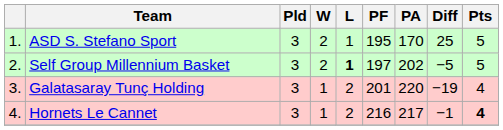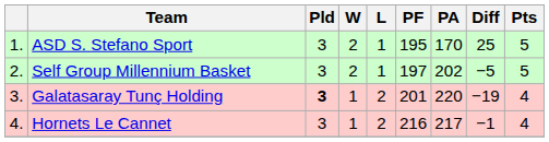 <table class=wikitable style="text-align:center">
 <tr>
 <th width=15></th>
 <th width=260>Team</th>
 <th width=20>Pld</th>
 <th width=20>W</th>
 <th width=20>L</th>
 <th width=20>PF</th>
 <th width=20>PA</th>
 <th width=30>Diff</th>
 <th width=30>Pts</th>
 </tr>
 <tr bgcolor=ccffcc>
 <td>1.</td>
 <td align=left> <a href='#'>ASD S. Stefano Sport</a></td>
 <td>3</td>
 <td>2</td>
 <td>1</td>
 <td>195</td>
 <td>170</td>
 <td>25</td>
 <td>5</td>
 </tr>
 <tr bgcolor=ccffcc>
 <td>2.</td>
 <td align=left> <a href='#'>Self Group Millennium Basket</a></td>
 <td>3</td>
 <td>2</td>
-<td><strong>1</strong></td>
+<td>1</td>
 <td>197</td>
 <td>202</td>
 <td>−5</td>
 <td>5</td>
 </tr>
 <tr bgcolor=ffcccc>
 <td>3.</td>
 <td align=left> <a href='#'>Galatasaray Tunç Holding</a></td>
-<td>3</td>
+<td><strong>3</strong></td>
 <td>1</td>
 <td>2</td>
 <td>201</td>
 <td>220</td>
 <td>−19</td>
 <td>4</td>
 </tr>
 <tr bgcolor=ffcccc>
 <td>4.</td>
 <td align=left> <a href='#'>Hornets Le Cannet</a></td>
 <td>3</td>
 <td>1</td>
 <td>2</td>
 <td>216</td>
 <td>217</td>
 <td>−1</td>
-<td><strong>4</strong></td>
+<td>4</td>
 </tr>
 <tr>
 </tr>
 </table>
